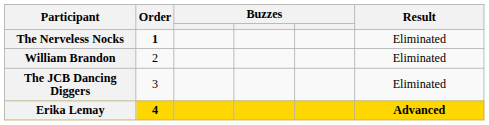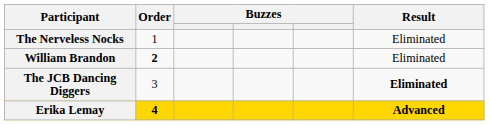 <table class="wikitable plainrowheaders sortable" style="text-align:center" width="50%;">
 <tr>
 <th scope="col" rowspan=2 class="unsortable" style="width:15em;">Participant</th>
 <th scope="col" rowspan=2 style="width:1em;">Order</th>
 <th scope="col" colspan=3 class="unsortable" style="width:24em;">Buzzes</th>
 <th scope="col" rowspan=2 style="width:15em;">Result</th>
 </tr>
 <tr>
 <th scope="col" class="unsortable" style="width:5em;"></th>
 <th scope="col" class="unsortable" style="width:5em;"></th>
 <th scope="col" class="unsortable" style="width:5em;"></th>
 </tr>
 <tr>
 <th>The Nerveless Nocks</th>
-<td><strong>1</strong></td>
+<td>1</td>
 <td></td>
 <td></td>
 <td></td>
 <td>Eliminated</td>
 </tr>
 <tr>
 <th>William Brandon</th>
-<td>2</td>
+<td><strong>2</strong></td>
 <td></td>
 <td></td>
 <td></td>
 <td>Eliminated</td>
 </tr>
 <tr>
 <th>The JCB Dancing Diggers</th>
 <td>3</td>
 <td></td>
 <td></td>
 <td></td>
-<td>Eliminated</td>
+<td><strong>Eliminated</strong></td>
 </tr>
 <tr style="background:gold">
 <th>Erika Lemay</th>
 <td><strong>4</strong></td>
 <td></td>
 <td></td>
 <td></td>
 <td><strong>Advanced</strong></td>
 </tr>
 </table>
